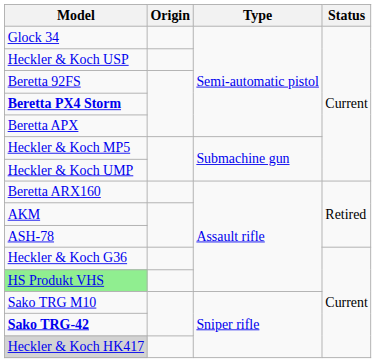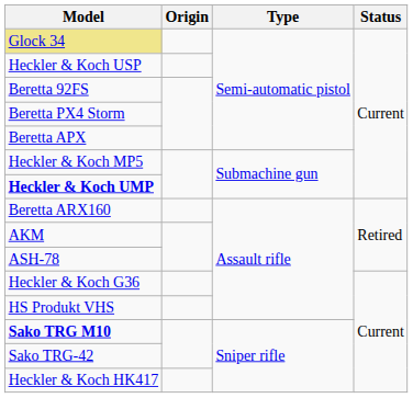 <table class="wikitable">
 <tr>
 <th>Model</th>
 <th>Origin</th>
 <th>Type</th>
 <th>Status</th>
 </tr>
 <tr>
-<td><a href='#'>Glock 34</a></td>
+<td style="background: khaki;"><a href='#'>Glock 34</a></td>
 <td></td>
 <td rowspan="5"><a href='#'>Semi-automatic pistol</a></td>
 <td rowspan="7">Current</td>
 </tr>
 <tr>
 <td><a href='#'>Heckler & Koch USP</a></td>
 <td></td>
 </tr>
 <tr>
 <td><a href='#'>Beretta 92FS</a></td>
 <td rowspan="3"></td>
 </tr>
 <tr>
-<td><strong><a href='#'>Beretta PX4 Storm</a></strong></td>
+<td><a href='#'>Beretta PX4 Storm</a></td>
 </tr>
 <tr>
 <td><a href='#'>Beretta APX</a></td>
 </tr>
 <tr>
 <td><a href='#'>Heckler & Koch MP5</a></td>
 <td rowspan="2"></td>
 <td rowspan="2"><a href='#'>Submachine gun</a></td>
 </tr>
 <tr>
-<td><a href='#'>Heckler & Koch UMP</a></td>
+<td><strong><a href='#'>Heckler & Koch UMP</a></strong></td>
 </tr>
 <tr>
 <td><a href='#'>Beretta ARX160</a></td>
 <td></td>
 <td rowspan="5"><a href='#'>Assault rifle</a></td>
 <td rowspan="3">Retired</td>
 </tr>
 <tr>
 <td><a href='#'>AKM</a></td>
 <td rowspan="2"></td>
 </tr>
 <tr>
 <td><a href='#'>ASH-78</a></td>
 </tr>
 <tr>
 <td><a href='#'>Heckler & Koch G36</a></td>
 <td></td>
 <td rowspan="5">Current</td>
 </tr>
 <tr>
-<td style="background: lightgreen;"><a href='#'>HS Produkt VHS</a></td>
+<td><a href='#'>HS Produkt VHS</a></td>
 <td></td>
 </tr>
 <tr>
-<td><a href='#'>Sako TRG M10</a></td>
+<td><strong><a href='#'>Sako TRG M10</a></strong></td>
 <td rowspan="2"></td>
 <td rowspan="3"><a href='#'>Sniper rifle</a></td>
 </tr>
 <tr>
-<td><strong><a href='#'>Sako TRG-42</a></strong></td>
+<td><a href='#'>Sako TRG-42</a></td>
 </tr>
 <tr>
-<td style="background: lightgrey;"><a href='#'>Heckler & Koch HK417</a></td>
+<td><a href='#'>Heckler & Koch HK417</a></td>
 <td></td>
 </tr>
 </table>
